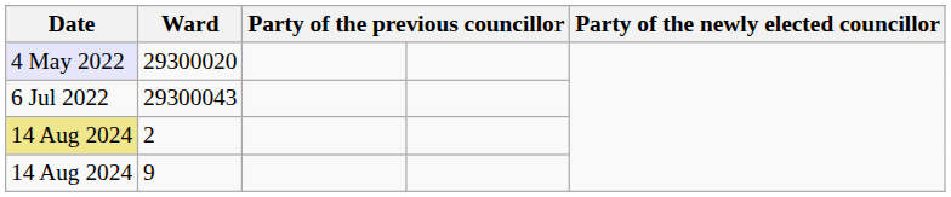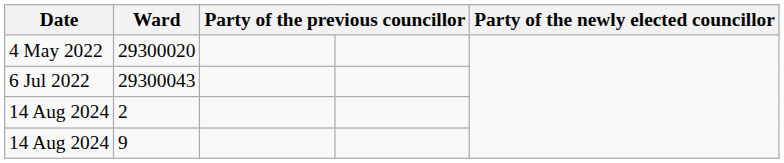 <table class="wikitable">
 <tr>
 <th>Date</th>
 <th>Ward</th>
 <th colspan=2>Party of the previous councillor</th>
 <th colspan=2>Party of the newly elected councillor</th>
 </tr>
 <tr>
-<td style="background: lavender;">4 May 2022</td>
+<td>4 May 2022</td>
 <td>29300020</td>
 <td></td>
 <td></td>
 </tr>
 <tr>
 <td>6 Jul 2022</td>
 <td>29300043</td>
 <td></td>
 <td></td>
 </tr>
 <tr>
-<td style="background: khaki;">14 Aug 2024</td>
+<td>14 Aug 2024</td>
 <td>2</td>
 <td></td>
 <td></td>
 </tr>
 <tr>
 <td>14 Aug 2024</td>
 <td>9</td>
 <td></td>
 <td></td>
 </tr>
 </table>
